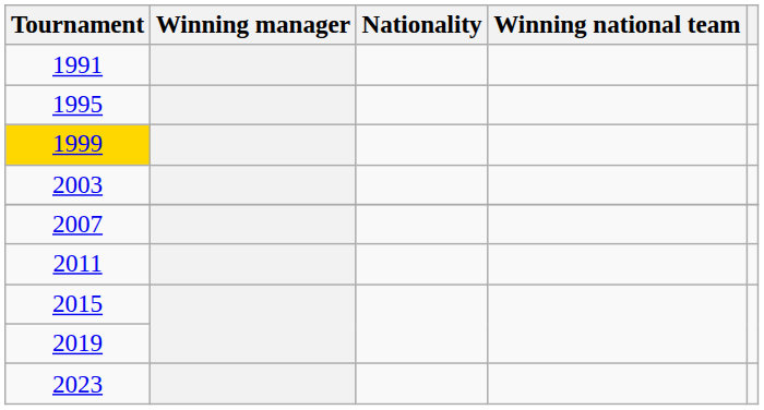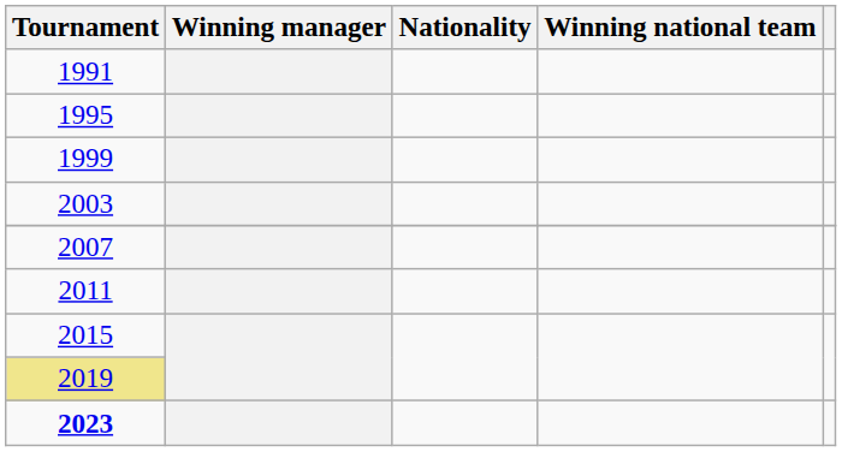 <table class="sortable wikitable plainrowheaders">
 <tr>
 <th scope="col">Tournament</th>
 <th scope="col">Winning manager</th>
 <th scope="col">Nationality</th>
 <th scope="col">Winning national team</th>
 <th scope="col" class="unsortable"></th>
 </tr>
 <tr>
 <td style="text-align: center;"><a href='#'>1991</a></td>
 <th scope="row"></th>
 <td></td>
 <td></td>
 <td style="text-align: center;"></td>
 </tr>
 <tr>
 <td style="text-align: center;"><a href='#'>1995</a></td>
 <th scope="row"></th>
 <td></td>
 <td></td>
 <td style="text-align: center;"></td>
 </tr>
 <tr>
-<td style="background: gold; text-align: center;"><a href='#'>1999</a></td>
+<td style="text-align: center;"><a href='#'>1999</a></td>
 <th scope="row"></th>
 <td></td>
 <td></td>
 <td style="text-align: center;"></td>
 </tr>
 <tr>
 <td style="text-align: center;"><a href='#'>2003</a></td>
 <th scope="row"></th>
 <td></td>
 <td></td>
 <td style="text-align: center;"></td>
 </tr>
 <tr>
 </tr>
 <tr>
 <td style="text-align: center;"><a href='#'>2007</a></td>
 <th scope="row"></th>
 <td></td>
 <td></td>
 <td style="text-align: center;"></td>
 </tr>
 <tr>
 <td style="text-align: center;"><a href='#'>2011</a></td>
 <th scope="row"></th>
 <td></td>
 <td></td>
 <td style="text-align: center;"></td>
 </tr>
 <tr>
 <td style="text-align: center;"><a href='#'>2015</a></td>
 <th scope="row" rowspan="2"></th>
 <td rowspan="2"><br></td>
 <td rowspan="2"></td>
 <td rowspan="2" style="text-align: center;"></td>
 </tr>
 <tr>
-<td style="text-align: center;"><a href='#'>2019</a></td>
+<td style="background: khaki; text-align: center;"><a href='#'>2019</a></td>
 </tr>
 <tr>
-<td style="text-align: center;"><a href='#'>2023</a></td>
+<td style="text-align: center;"><strong><a href='#'>2023</a></strong></td>
 <th scope="row"></th>
 <td></td>
 <td></td>
 <td style="text-align: center;"></td>
 </tr>
 </table>
